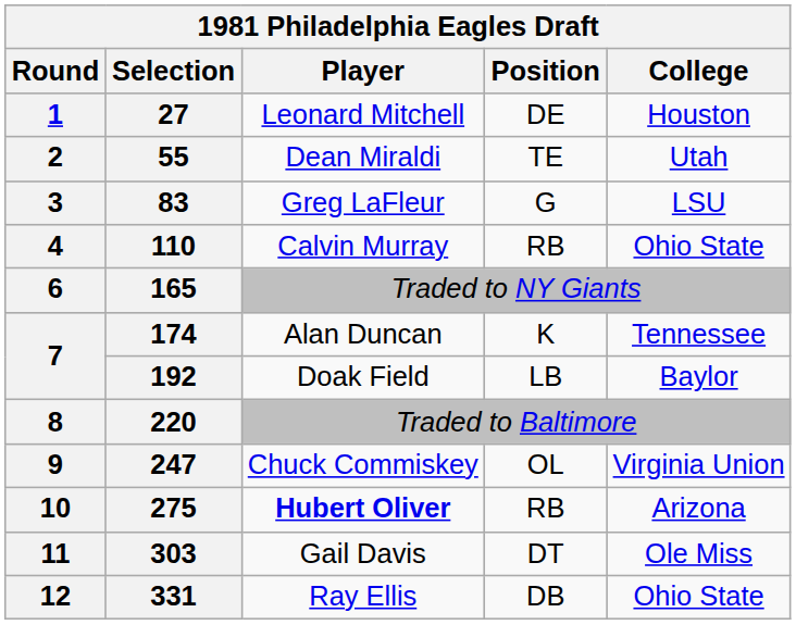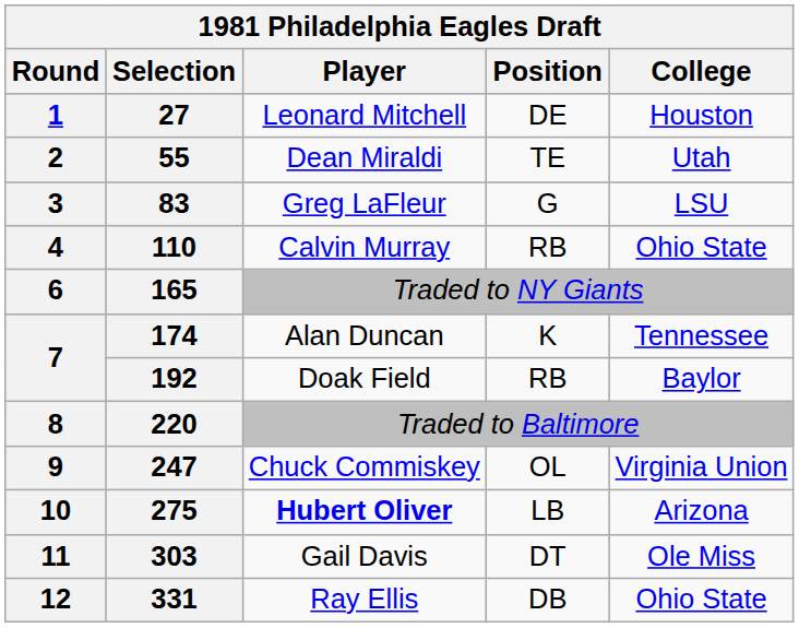 <table class="wikitable" style="text-align:center">
 <tr>
 <th colspan=6>1981 Philadelphia Eagles Draft</th>
 </tr>
 <tr>
 <th>Round</th>
 <th>Selection</th>
 <th>Player</th>
 <th>Position</th>
 <th>College</th>
 </tr>
 <tr>
 <th><a href='#'>1</a></th>
 <th>27</th>
 <td><a href='#'>Leonard Mitchell</a></td>
 <td>DE</td>
 <td><a href='#'> Houston</a></td>
 </tr>
 <tr>
 <th>2</th>
 <th>55</th>
 <td><a href='#'>Dean Miraldi</a></td>
 <td>TE</td>
 <td><a href='#'>Utah</a></td>
 </tr>
 <tr>
 <th>3</th>
 <th>83</th>
 <td><a href='#'>Greg LaFleur</a></td>
 <td>G</td>
 <td><a href='#'>LSU</a></td>
 </tr>
 <tr>
 <th>4</th>
 <th>110</th>
 <td><a href='#'>Calvin Murray</a></td>
 <td>RB</td>
 <td><a href='#'>Ohio State</a></td>
 </tr>
 <tr>
 <th>6</th>
 <th>165</th>
 <td colspan="3" style="background:#BFBFBF"><em>Traded to <a href='#'>NY Giants</a></em></td>
 </tr>
 <tr>
 <th rowspan="2">7</th>
 <th>174</th>
 <td>Alan Duncan</td>
 <td>K</td>
 <td><a href='#'>Tennessee</a></td>
 </tr>
 <tr>
 <th>192</th>
 <td>Doak Field</td>
-<td>LB</td>
+<td>RB</td>
 <td><a href='#'>Baylor</a></td>
 </tr>
 <tr>
 <th>8</th>
 <th>220</th>
 <td colspan="3" style="background:#BFBFBF"><em>Traded to <a href='#'>Baltimore</a></em></td>
 </tr>
 <tr>
 <th>9</th>
 <th>247</th>
 <td><a href='#'>Chuck Commiskey</a></td>
 <td>OL</td>
 <td><a href='#'>Virginia Union</a></td>
 </tr>
 <tr>
 <th>10</th>
 <th>275</th>
 <td><strong><a href='#'>Hubert Oliver</a></strong></td>
-<td>RB</td>
+<td>LB</td>
 <td><a href='#'>Arizona</a></td>
 </tr>
 <tr>
 <th>11</th>
 <th>303</th>
 <td>Gail Davis</td>
 <td>DT</td>
 <td><a href='#'>Ole Miss</a></td>
 </tr>
 <tr>
 <th>12</th>
 <th>331</th>
 <td><a href='#'>Ray Ellis</a></td>
 <td>DB</td>
 <td><a href='#'>Ohio State</a></td>
 </tr>
 </table>
